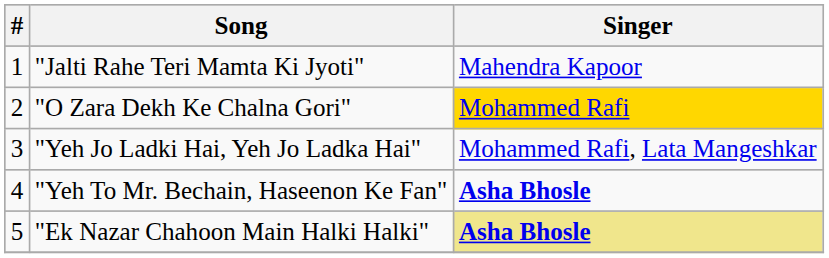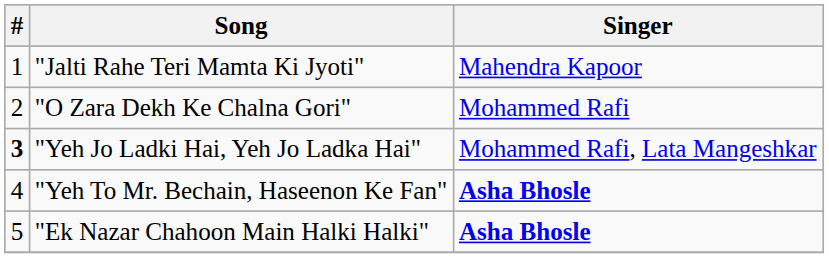 <table class="wikitable" style="font-size:95%;">
 <tr>
 <th>#</th>
 <th>Song</th>
 <th>Singer</th>
 </tr>
 <tr>
 <td>1</td>
 <td>"Jalti Rahe Teri Mamta Ki Jyoti"</td>
 <td><a href='#'>Mahendra Kapoor</a></td>
 </tr>
 <tr>
 <td>2</td>
 <td>"O Zara Dekh Ke Chalna Gori"</td>
-<td style="background: gold;"><a href='#'>Mohammed Rafi</a></td>
+<td><a href='#'>Mohammed Rafi</a></td>
 </tr>
 <tr>
-<td>3</td>
+<td><strong>3</strong></td>
 <td>"Yeh Jo Ladki Hai, Yeh Jo Ladka Hai"</td>
 <td><a href='#'>Mohammed Rafi</a>, <a href='#'>Lata Mangeshkar</a></td>
 </tr>
 <tr>
 <td>4</td>
 <td>"Yeh To Mr. Bechain, Haseenon Ke Fan"</td>
 <td><strong><a href='#'>Asha Bhosle</a></strong></td>
 </tr>
 <tr>
 <td>5</td>
 <td>"Ek Nazar Chahoon Main Halki Halki"</td>
-<td style="background: khaki;"><strong><a href='#'>Asha Bhosle</a></strong></td>
+<td><strong><a href='#'>Asha Bhosle</a></strong></td>
 </tr>
 <tr>
 </tr>
 </table>
